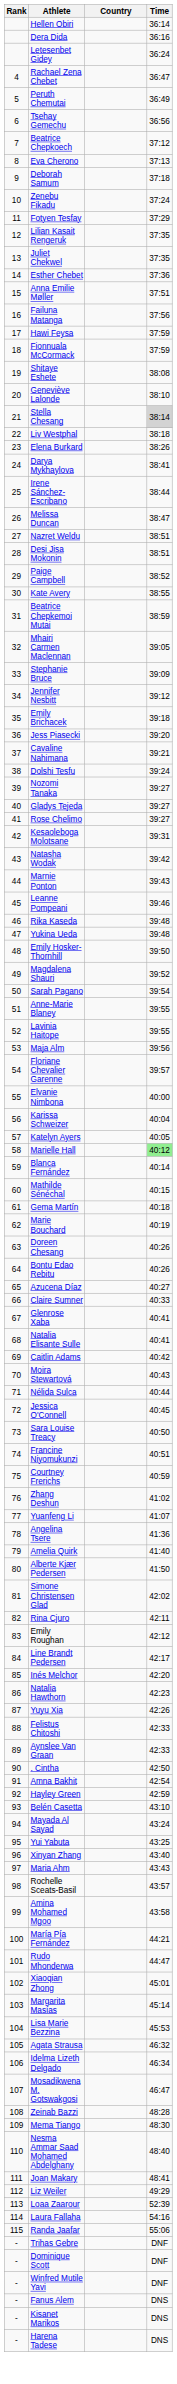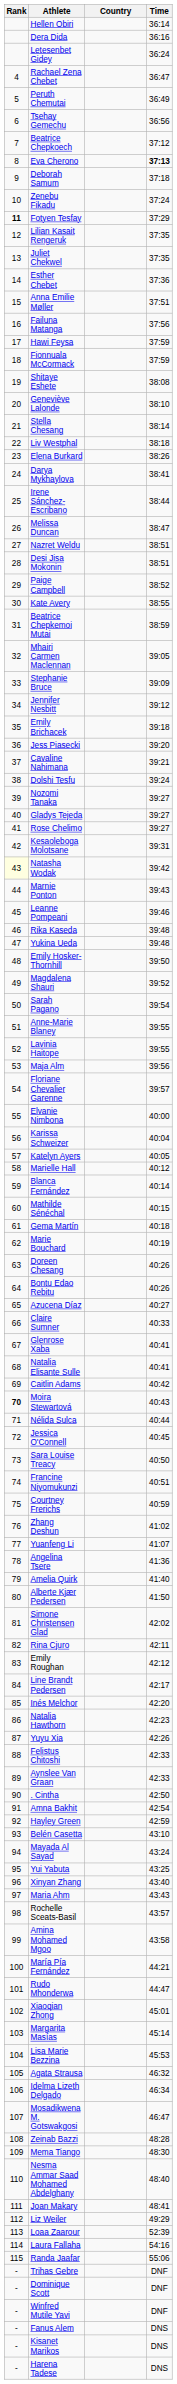 <table class="wikitable sortable" style=" text-align:center; font-size:95%;" width="50%">
 <tr>
 <th width=5%>Rank</th>
 <th width=25%>Athlete</th>
 <th width=35%>Country</th>
 <th width=10%>Time</th>
 </tr>
 <tr>
 <td align=center></td>
 <td align=left><a href='#'>Hellen Obiri</a></td>
 <td align=left></td>
 <td>36:14</td>
 </tr>
 <tr>
 <td align=center></td>
 <td align=left><a href='#'>Dera Dida</a></td>
 <td align=left></td>
 <td>36:16</td>
 </tr>
 <tr>
 <td align=center></td>
 <td align=left><a href='#'>Letesenbet Gidey</a></td>
 <td align=left></td>
 <td>36:24</td>
 </tr>
 <tr>
 <td align=center>4</td>
 <td align=left><a href='#'>Rachael Zena Chebet</a></td>
 <td align=left></td>
 <td>36:47</td>
 </tr>
 <tr>
 <td align=center>5</td>
 <td align=left><a href='#'>Peruth Chemutai</a></td>
 <td align=left></td>
 <td>36:49</td>
 </tr>
 <tr>
 <td align=center>6</td>
 <td align=left><a href='#'>Tsehay Gemechu</a></td>
 <td align=left></td>
 <td>36:56</td>
 </tr>
 <tr>
 <td align=center>7</td>
 <td align=left><a href='#'>Beatrice Chepkoech</a></td>
 <td align=left></td>
 <td>37:12</td>
 </tr>
 <tr>
 <td align=center>8</td>
 <td align=left><a href='#'>Eva Cherono</a></td>
 <td align=left></td>
-<td>37:13</td>
+<td><strong>37:13</strong></td>
 </tr>
 <tr>
 <td align=center>9</td>
 <td align=left><a href='#'>Deborah Samum</a></td>
 <td align=left></td>
 <td>37:18</td>
 </tr>
 <tr>
 <td align=center>10</td>
 <td align=left><a href='#'>Zenebu Fikadu</a></td>
 <td align=left></td>
 <td>37:24</td>
 </tr>
 <tr>
-<td align=center>11</td>
+<td align=center><strong>11</strong></td>
 <td align=left><a href='#'>Fotyen Tesfay</a></td>
 <td align=left></td>
 <td>37:29</td>
 </tr>
 <tr>
 <td align=center>12</td>
 <td align=left><a href='#'>Lilian Kasait Rengeruk</a></td>
 <td align=left></td>
 <td>37:35</td>
 </tr>
 <tr>
 <td align=center>13</td>
 <td align=left><a href='#'>Juliet Chekwel</a></td>
 <td align=left></td>
 <td>37:35</td>
 </tr>
 <tr>
 <td align=center>14</td>
 <td align=left><a href='#'>Esther Chebet</a></td>
 <td align=left></td>
 <td>37:36</td>
 </tr>
 <tr>
 <td align=center>15</td>
 <td align=left><a href='#'>Anna Emilie Møller</a></td>
 <td align=left></td>
 <td>37:51</td>
 </tr>
 <tr>
 <td align=center>16</td>
 <td align=left><a href='#'>Failuna Matanga</a></td>
 <td align=left></td>
 <td>37:56</td>
 </tr>
 <tr>
 <td align=center>17</td>
 <td align=left><a href='#'>Hawi Feysa</a></td>
 <td align=left></td>
 <td>37:59</td>
 </tr>
 <tr>
 <td align=center>18</td>
 <td align=left><a href='#'>Fionnuala McCormack</a></td>
 <td align=left></td>
 <td>37:59</td>
 </tr>
 <tr>
 <td align=center>19</td>
 <td align=left><a href='#'>Shitaye Eshete</a></td>
 <td align=left></td>
 <td>38:08</td>
 </tr>
 <tr>
 <td align=center>20</td>
 <td align=left><a href='#'>Geneviève Lalonde</a></td>
 <td align=left></td>
 <td>38:10</td>
 </tr>
 <tr>
 <td align=center>21</td>
 <td align=left><a href='#'>Stella Chesang</a></td>
 <td align=left></td>
-<td style="background: lightgrey;">38:14</td>
+<td>38:14</td>
 </tr>
 <tr>
 <td align=center>22</td>
 <td align=left><a href='#'>Liv Westphal</a></td>
 <td align=left></td>
 <td>38:18</td>
 </tr>
 <tr>
 <td align=center>23</td>
 <td align=left><a href='#'>Elena Burkard</a></td>
 <td align=left></td>
 <td>38:26</td>
 </tr>
 <tr>
 <td align=center>24</td>
 <td align=left><a href='#'>Darya Mykhaylova</a></td>
 <td align=left></td>
 <td>38:41</td>
 </tr>
 <tr>
 <td align=center>25</td>
 <td align=left><a href='#'>Irene Sánchez-Escribano</a></td>
 <td align=left></td>
 <td>38:44</td>
 </tr>
 <tr>
 <td align=center>26</td>
 <td align=left><a href='#'>Melissa Duncan</a></td>
 <td align=left></td>
 <td>38:47</td>
 </tr>
 <tr>
 <td align=center>27</td>
 <td align=left><a href='#'>Nazret Weldu</a></td>
 <td align=left></td>
 <td>38:51</td>
 </tr>
 <tr>
 <td align=center>28</td>
 <td align=left><a href='#'>Desi Jisa Mokonin</a></td>
 <td align=left></td>
 <td>38:51</td>
 </tr>
 <tr>
 <td align=center>29</td>
 <td align=left><a href='#'>Paige Campbell</a></td>
 <td align=left></td>
 <td>38:52</td>
 </tr>
 <tr>
 <td align=center>30</td>
 <td align=left><a href='#'>Kate Avery</a></td>
 <td align=left></td>
 <td>38:55</td>
 </tr>
 <tr>
 <td align=center>31</td>
 <td align=left><a href='#'>Beatrice Chepkemoi Mutai</a></td>
 <td align=left></td>
 <td>38:59</td>
 </tr>
 <tr>
 <td align=center>32</td>
 <td align=left><a href='#'>Mhairi Carmen Maclennan</a></td>
 <td align=left></td>
 <td>39:05</td>
 </tr>
 <tr>
 <td align=center>33</td>
 <td align=left><a href='#'>Stephanie Bruce</a></td>
 <td align=left></td>
 <td>39:09</td>
 </tr>
 <tr>
 <td align=center>34</td>
 <td align=left><a href='#'>Jennifer Nesbitt</a></td>
 <td align=left></td>
 <td>39:12</td>
 </tr>
 <tr>
 <td align=center>35</td>
 <td align=left><a href='#'>Emily Brichacek</a></td>
 <td align=left></td>
 <td>39:18</td>
 </tr>
 <tr>
 <td align=center>36</td>
 <td align=left><a href='#'>Jess Piasecki</a></td>
 <td align=left></td>
 <td>39:20</td>
 </tr>
 <tr>
 <td align=center>37</td>
 <td align=left><a href='#'>Cavaline Nahimana</a></td>
 <td align=left></td>
 <td>39:21</td>
 </tr>
 <tr>
 <td align=center>38</td>
 <td align=left><a href='#'>Dolshi Tesfu</a></td>
 <td align=left></td>
 <td>39:24</td>
 </tr>
 <tr>
 <td align=center>39</td>
 <td align=left><a href='#'>Nozomi Tanaka</a></td>
 <td align=left></td>
 <td>39:27</td>
 </tr>
 <tr>
 <td align=center>40</td>
 <td align=left><a href='#'>Gladys Tejeda</a></td>
 <td align=left></td>
 <td>39:27</td>
 </tr>
 <tr>
 <td align=center>41</td>
 <td align=left><a href='#'>Rose Chelimo</a></td>
 <td align=left></td>
 <td>39:27</td>
 </tr>
 <tr>
 <td align=center>42</td>
 <td align=left><a href='#'>Kesaoleboga Molotsane</a></td>
 <td align=left></td>
 <td>39:31</td>
 </tr>
 <tr>
-<td align=center>43</td>
+<td align=center style="background: lightyellow;">43</td>
 <td align=left><a href='#'>Natasha Wodak</a></td>
 <td align=left></td>
 <td>39:42</td>
 </tr>
 <tr>
 <td align=center>44</td>
 <td align=left><a href='#'>Marnie Ponton</a></td>
 <td align=left></td>
 <td>39:43</td>
 </tr>
 <tr>
 <td align=center>45</td>
 <td align=left><a href='#'>Leanne Pompeani</a></td>
 <td align=left></td>
 <td>39:46</td>
 </tr>
 <tr>
 <td align=center>46</td>
 <td align=left><a href='#'>Rika Kaseda</a></td>
 <td align=left></td>
 <td>39:48</td>
 </tr>
 <tr>
 <td align=center>47</td>
 <td align=left><a href='#'>Yukina Ueda</a></td>
 <td align=left></td>
 <td>39:48</td>
 </tr>
 <tr>
 <td align=center>48</td>
 <td align=left><a href='#'>Emily Hosker-Thornhill</a></td>
 <td align=left></td>
 <td>39:50</td>
 </tr>
 <tr>
 <td align=center>49</td>
 <td align=left><a href='#'>Magdalena Shauri</a></td>
 <td align=left></td>
 <td>39:52</td>
 </tr>
 <tr>
 <td align=center>50</td>
 <td align=left><a href='#'>Sarah Pagano</a></td>
 <td align=left></td>
 <td>39:54</td>
 </tr>
 <tr>
 <td align=center>51</td>
 <td align=left><a href='#'>Anne-Marie Blaney</a></td>
 <td align=left></td>
 <td>39:55</td>
 </tr>
 <tr>
 <td align=center>52</td>
 <td align=left><a href='#'>Lavinia Haitope</a></td>
 <td align=left></td>
 <td>39:55</td>
 </tr>
 <tr>
 <td align=center>53</td>
 <td align=left><a href='#'>Maja Alm</a></td>
 <td align=left></td>
 <td>39:56</td>
 </tr>
 <tr>
 <td align=center>54</td>
 <td align=left><a href='#'>Floriane Chevalier Garenne</a></td>
 <td align=left></td>
 <td>39:57</td>
 </tr>
 <tr>
 <td align=center>55</td>
 <td align=left><a href='#'>Elvanie Nimbona</a></td>
 <td align=left></td>
 <td>40:00</td>
 </tr>
 <tr>
 <td align=center>56</td>
 <td align=left><a href='#'>Karissa Schweizer</a></td>
 <td align=left></td>
 <td>40:04</td>
 </tr>
 <tr>
 <td align=center>57</td>
 <td align=left><a href='#'>Katelyn Ayers</a></td>
 <td align=left></td>
 <td>40:05</td>
 </tr>
 <tr>
 <td align=center>58</td>
 <td align=left><a href='#'>Marielle Hall</a></td>
 <td align=left></td>
-<td style="background: lightgreen;">40:12</td>
+<td>40:12</td>
 </tr>
 <tr>
 <td align=center>59</td>
 <td align=left><a href='#'>Blanca Fernández</a></td>
 <td align=left></td>
 <td>40:14</td>
 </tr>
 <tr>
 <td align=center>60</td>
 <td align=left><a href='#'>Mathilde Sénéchal</a></td>
 <td align=left></td>
 <td>40:15</td>
 </tr>
 <tr>
 <td align=center>61</td>
 <td align=left><a href='#'>Gema Martín</a></td>
 <td align=left></td>
 <td>40:18</td>
 </tr>
 <tr>
 <td align=center>62</td>
 <td align=left><a href='#'>Marie Bouchard</a></td>
 <td align=left></td>
 <td>40:19</td>
 </tr>
 <tr>
 <td align=center>63</td>
 <td align=left><a href='#'>Doreen Chesang</a></td>
 <td align=left></td>
 <td>40:26</td>
 </tr>
 <tr>
 <td align=center>64</td>
 <td align=left><a href='#'>Bontu Edao Rebitu</a></td>
 <td align=left></td>
 <td>40:26</td>
 </tr>
 <tr>
 <td align=center>65</td>
 <td align=left><a href='#'>Azucena Díaz</a></td>
 <td align=left></td>
 <td>40:27</td>
 </tr>
 <tr>
 <td align=center>66</td>
 <td align=left><a href='#'>Claire Sumner</a></td>
 <td align=left></td>
 <td>40:33</td>
 </tr>
 <tr>
 <td align=center>67</td>
 <td align=left><a href='#'>Glenrose Xaba</a></td>
 <td align=left></td>
 <td>40:41</td>
 </tr>
 <tr>
 <td align=center>68</td>
 <td align=left><a href='#'>Natalia Elisante Sulle</a></td>
 <td align=left></td>
 <td>40:41</td>
 </tr>
 <tr>
 <td align=center>69</td>
 <td align=left><a href='#'>Caitlin Adams</a></td>
 <td align=left></td>
 <td>40:42</td>
 </tr>
 <tr>
-<td align=center>70</td>
+<td align=center><strong>70</strong></td>
 <td align=left><a href='#'>Moira Stewartová</a></td>
 <td align=left></td>
 <td>40:43</td>
 </tr>
 <tr>
 <td align=center>71</td>
 <td align=left><a href='#'>Nélida Sulca</a></td>
 <td align=left></td>
 <td>40:44</td>
 </tr>
 <tr>
 <td align=center>72</td>
 <td align=left><a href='#'>Jessica O'Connell</a></td>
 <td align=left></td>
 <td>40:45</td>
 </tr>
 <tr>
 <td align=center>73</td>
 <td align=left><a href='#'>Sara Louise Treacy</a></td>
 <td align=left></td>
 <td>40:50</td>
 </tr>
 <tr>
 <td align=center>74</td>
 <td align=left><a href='#'>Francine Niyomukunzi</a></td>
 <td align=left></td>
 <td>40:51</td>
 </tr>
 <tr>
 <td align=center>75</td>
 <td align=left><a href='#'>Courtney Frerichs</a></td>
 <td align=left></td>
 <td>40:59</td>
 </tr>
 <tr>
 <td align=center>76</td>
 <td align=left><a href='#'>Zhang Deshun</a></td>
 <td align=left></td>
 <td>41:02</td>
 </tr>
 <tr>
 <td align=center>77</td>
 <td align=left><a href='#'>Yuanfeng Li</a></td>
 <td align=left></td>
 <td>41:07</td>
 </tr>
 <tr>
 <td align=center>78</td>
 <td align=left><a href='#'>Angelina Tsere</a></td>
 <td align=left></td>
 <td>41:36</td>
 </tr>
 <tr>
 <td align=center>79</td>
 <td align=left><a href='#'>Amelia Quirk</a></td>
 <td align=left></td>
 <td>41:40</td>
 </tr>
 <tr>
 <td align=center>80</td>
 <td align=left><a href='#'>Alberte Kjær Pedersen</a></td>
 <td align=left></td>
 <td>41:50</td>
 </tr>
 <tr>
 <td align=center>81</td>
 <td align=left><a href='#'>Simone Christensen Glad</a></td>
 <td align=left></td>
 <td>42:02</td>
 </tr>
 <tr>
 <td align=center>82</td>
 <td align=left><a href='#'>Rina Cjuro</a></td>
 <td align=left></td>
 <td>42:11</td>
 </tr>
 <tr>
 <td align=center>83</td>
 <td align=left>Emily Roughan</td>
 <td align=left></td>
 <td>42:12</td>
 </tr>
 <tr>
 <td align=center>84</td>
 <td align=left><a href='#'>Line Brandt Pedersen</a></td>
 <td align=left></td>
 <td>42:17</td>
 </tr>
 <tr>
 <td align=center>85</td>
 <td align=left><a href='#'>Inés Melchor</a></td>
 <td align=left></td>
 <td>42:20</td>
 </tr>
 <tr>
 <td align=center>86</td>
 <td align=left><a href='#'>Natalia Hawthorn</a></td>
 <td align=left></td>
 <td>42:23</td>
 </tr>
 <tr>
 <td align=center>87</td>
 <td align=left><a href='#'>Yuyu Xia</a></td>
 <td align=left></td>
 <td>42:26</td>
 </tr>
 <tr>
 <td align=center>88</td>
 <td align=left><a href='#'>Felistus Chitoshi</a></td>
 <td align=left></td>
 <td>42:33</td>
 </tr>
 <tr>
 <td align=center>89</td>
 <td align=left><a href='#'>Aynslee Van Graan</a></td>
 <td align=left></td>
 <td>42:33</td>
 </tr>
 <tr>
 <td align=center>90</td>
 <td align=left><a href='#'>. Cintha</a></td>
 <td align=left></td>
 <td>42:50</td>
 </tr>
 <tr>
 <td align=center>91</td>
 <td align=left><a href='#'>Amna Bakhit</a></td>
 <td align=left></td>
 <td>42:54</td>
 </tr>
 <tr>
 <td align=center>92</td>
 <td align=left><a href='#'>Hayley Green</a></td>
 <td align=left></td>
 <td>42:59</td>
 </tr>
 <tr>
 <td align=center>93</td>
 <td align=left><a href='#'>Belén Casetta</a></td>
 <td align=left></td>
 <td>43:10</td>
 </tr>
 <tr>
 <td align=center>94</td>
 <td align=left><a href='#'>Mayada Al Sayad</a></td>
 <td align=left></td>
 <td>43:24</td>
 </tr>
 <tr>
 <td align=center>95</td>
 <td align=left><a href='#'>Yui Yabuta</a></td>
 <td align=left></td>
 <td>43:25</td>
 </tr>
 <tr>
 <td align=center>96</td>
 <td align=left><a href='#'>Xinyan Zhang</a></td>
 <td align=left></td>
 <td>43:40</td>
 </tr>
 <tr>
 <td align=center>97</td>
 <td align=left><a href='#'>Maria Ahm</a></td>
 <td align=left></td>
 <td>43:43</td>
 </tr>
 <tr>
 <td align=center>98</td>
 <td align=left>Rochelle Sceats-Basil</td>
 <td align=left></td>
 <td>43:57</td>
 </tr>
 <tr>
 <td align=center>99</td>
 <td align=left><a href='#'>Amina Mohamed Mgoo</a></td>
 <td align=left></td>
 <td>43:58</td>
 </tr>
 <tr>
 <td align=center>100</td>
 <td align=left><a href='#'>María Pía Fernández</a></td>
 <td align=left></td>
 <td>44:21</td>
 </tr>
 <tr>
 <td align=center>101</td>
 <td align=left><a href='#'>Rudo Mhonderwa</a></td>
 <td align=left></td>
 <td>44:47</td>
 </tr>
 <tr>
 <td align=center>102</td>
 <td align=left><a href='#'>Xiaoqian Zhong</a></td>
 <td align=left></td>
 <td>45:01</td>
 </tr>
 <tr>
 <td align=center>103</td>
 <td align=left><a href='#'>Margarita Masías</a></td>
 <td align=left></td>
 <td>45:14</td>
 </tr>
 <tr>
 <td align=center>104</td>
 <td align=left><a href='#'>Lisa Marie Bezzina</a></td>
 <td align=left></td>
 <td>45:53</td>
 </tr>
 <tr>
 <td align=center>105</td>
 <td align=left><a href='#'>Agata Strausa</a></td>
 <td align=left></td>
 <td>46:32</td>
 </tr>
 <tr>
 <td align=center>106</td>
 <td align=left><a href='#'>Idelma Lizeth Delgado</a></td>
 <td align=left></td>
 <td>46:34</td>
 </tr>
 <tr>
 <td align=center>107</td>
 <td align=left><a href='#'>Mosadikwena M. Gotswakgosi</a></td>
 <td align=left></td>
 <td>46:47</td>
 </tr>
 <tr>
 <td align=center>108</td>
 <td align=left><a href='#'>Zeinab Bazzi</a></td>
 <td align=left></td>
 <td>48:28</td>
 </tr>
 <tr>
 <td align=center>109</td>
 <td align=left><a href='#'>Mema Tiango</a></td>
 <td align=left></td>
 <td>48:30</td>
 </tr>
 <tr>
 <td align=center>110</td>
 <td align=left><a href='#'>Nesma Ammar Saad Mohamed Abdelghany</a></td>
 <td align=left></td>
 <td>48:40</td>
 </tr>
 <tr>
 <td align=center>111</td>
 <td align=left><a href='#'>Joan Makary</a></td>
 <td align=left></td>
 <td>48:41</td>
 </tr>
 <tr>
 <td align=center>112</td>
 <td align=left><a href='#'>Liz Weiler</a></td>
 <td align=left></td>
 <td>49:29</td>
 </tr>
 <tr>
 <td align=center>113</td>
 <td align=left><a href='#'>Loaa Zaarour</a></td>
 <td align=left></td>
 <td>52:39</td>
 </tr>
 <tr>
 <td align=center>114</td>
 <td align=left><a href='#'>Laura Fallaha</a></td>
 <td align=left></td>
 <td>54:16</td>
 </tr>
 <tr>
 <td align=center>115</td>
 <td align=left><a href='#'>Randa Jaafar</a></td>
 <td align=left></td>
 <td>55:06</td>
 </tr>
 <tr>
 <td align=center>-</td>
 <td align=left><a href='#'>Trihas Gebre</a></td>
 <td align=left></td>
 <td>DNF</td>
 </tr>
 <tr>
 <td align=center>-</td>
 <td align=left><a href='#'>Dominique Scott</a></td>
 <td align=left></td>
 <td>DNF</td>
 </tr>
 <tr>
 <td align=center>-</td>
 <td align=left><a href='#'>Winfred Mutile Yavi</a></td>
 <td align=left></td>
 <td>DNF</td>
 </tr>
 <tr>
 <td align=center>-</td>
 <td align=left><a href='#'>Fanus Alem</a></td>
 <td align=left></td>
 <td>DNS</td>
 </tr>
 <tr>
 <td align=center>-</td>
 <td align=left><a href='#'>Kisanet Marikos</a></td>
 <td align=left></td>
 <td>DNS</td>
 </tr>
 <tr>
 <td align=center>-</td>
 <td align=left><a href='#'>Harena Tadese</a></td>
 <td align=left></td>
 <td>DNS</td>
 </tr>
 </table>
